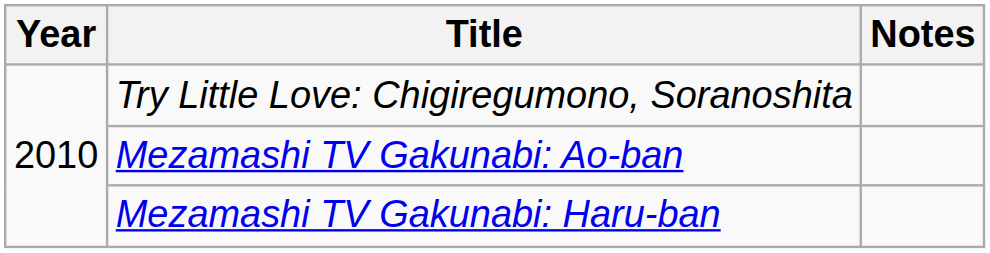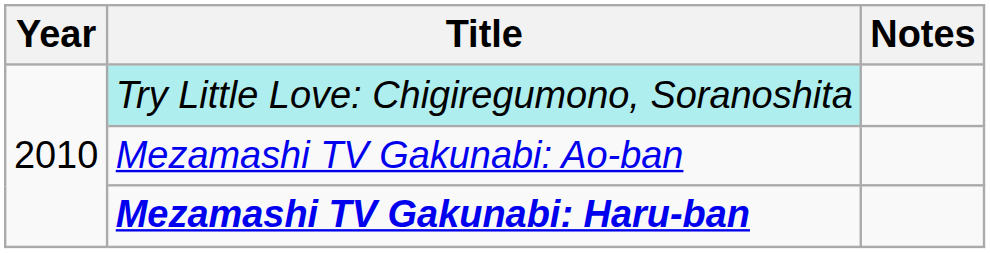 <table class="wikitable">
 <tr>
 <th>Year</th>
 <th>Title</th>
 <th>Notes</th>
 </tr>
 <tr>
 <td rowspan="3">2010</td>
-<td><em>Try Little Love: Chigiregumono, Soranoshita </em></td>
+<td style="background: paleturquoise;"><em>Try Little Love: Chigiregumono, Soranoshita </em></td>
 <td></td>
 </tr>
 <tr>
 <td><em><a href='#'>Mezamashi TV Gakunabi: Ao-ban</a></em></td>
 <td></td>
 </tr>
 <tr>
-<td><em><a href='#'>Mezamashi TV Gakunabi: Haru-ban</a></em></td>
+<td><strong><em><a href='#'>Mezamashi TV Gakunabi: Haru-ban</a></em></strong></td>
 <td></td>
 </tr>
 </table>
